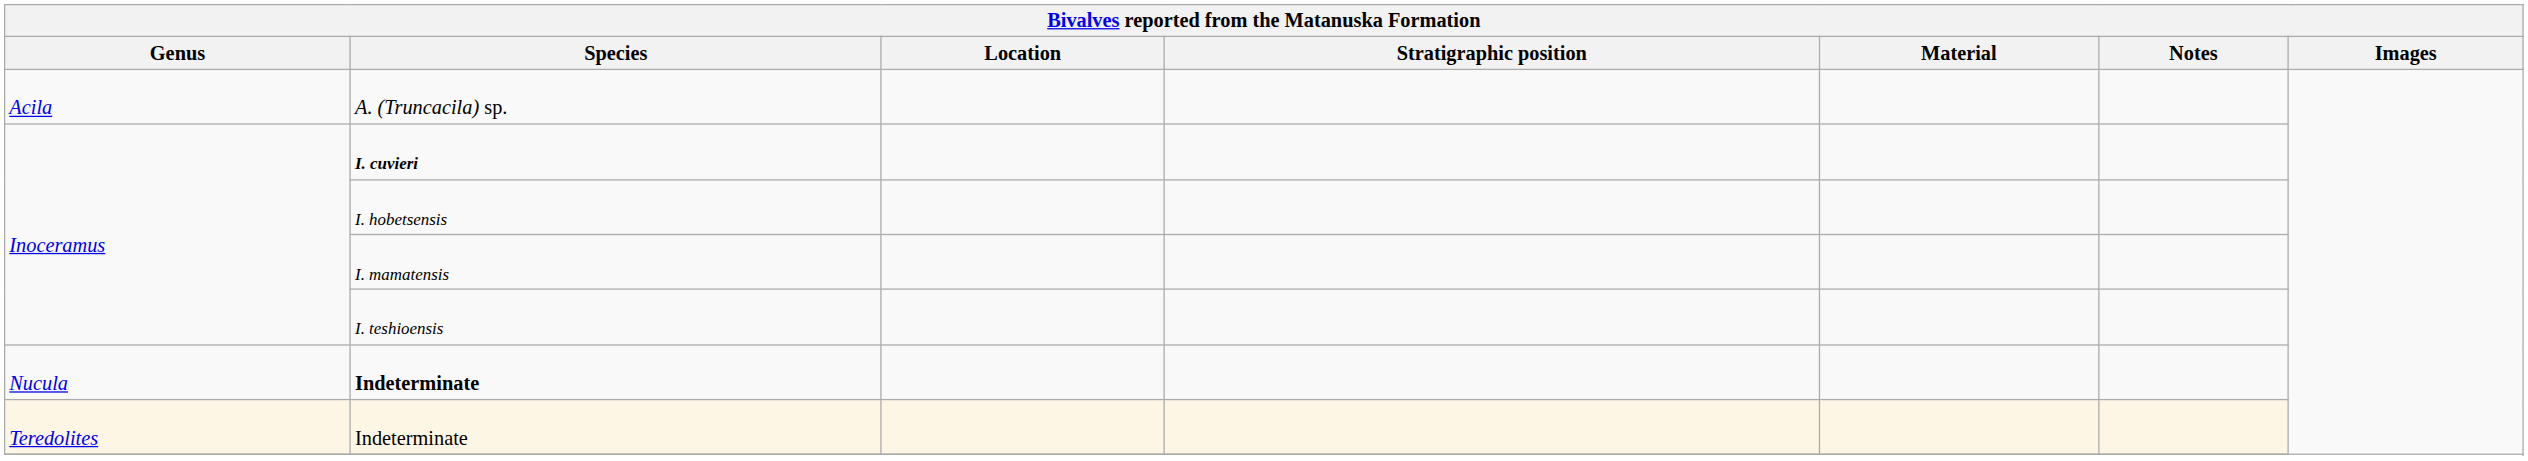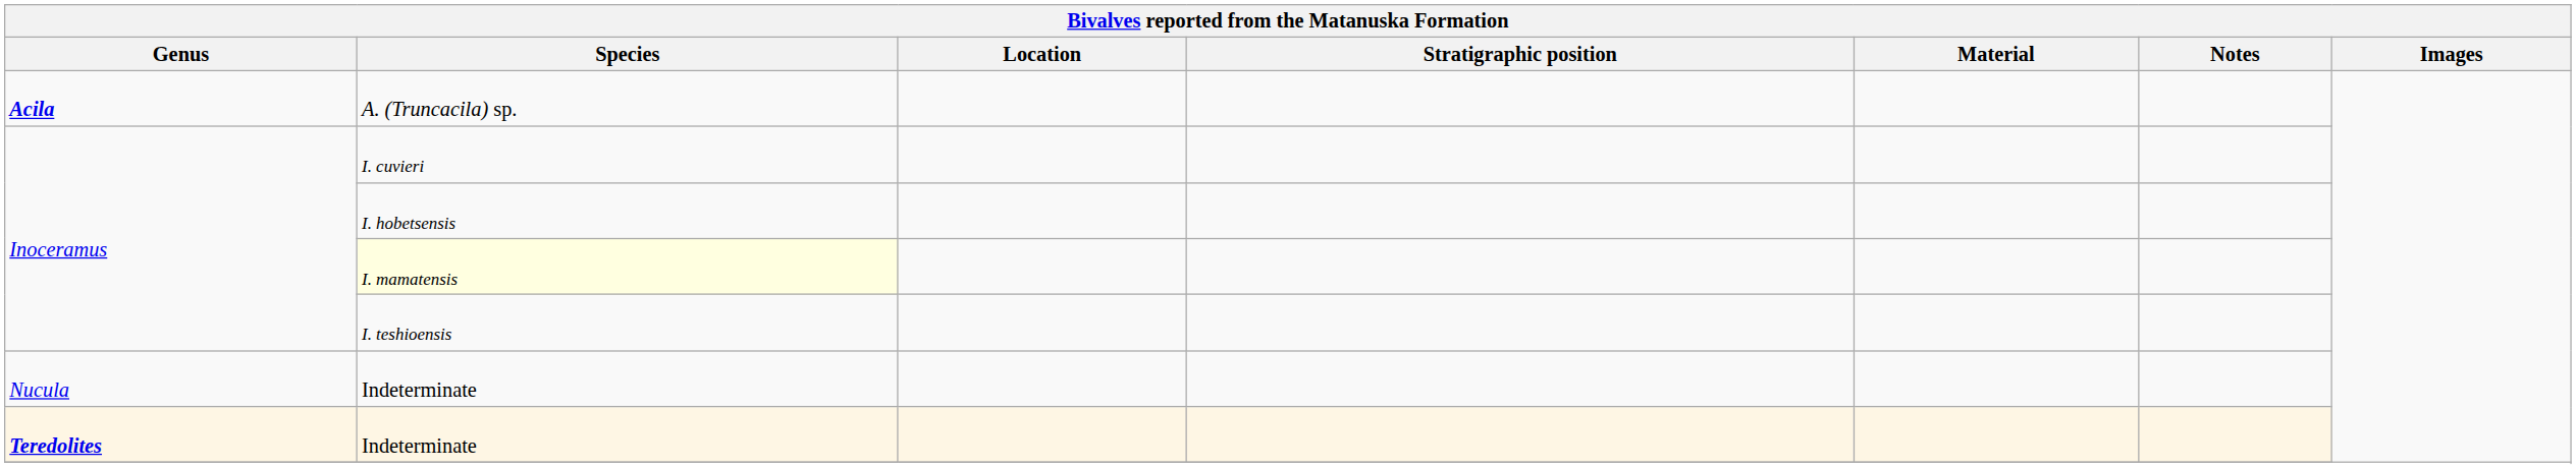 <table class="wikitable" align="center" width="100%">
 <tr>
 <th colspan="7" align="center"><strong><a href='#'>Bivalves</a> reported from the Matanuska Formation</strong></th>
 </tr>
 <tr>
 <th>Genus</th>
 <th>Species</th>
 <th>Location</th>
 <th>Stratigraphic position</th>
 <th>Material</th>
 <th>Notes</th>
 <th>Images</th>
 </tr>
 <tr>
-<td><br><em><a href='#'>Acila</a></em></td>
+<td><strong><br><em><a href='#'>Acila</a></em></strong></td>
 <td><br><em>A. (Truncacila)</em> sp.</td>
 <td></td>
 <td></td>
 <td></td>
 <td></td>
 <td rowspan="99"><br></td>
 </tr>
 <tr>
 <td rowspan="4"><br><em><a href='#'>Inoceramus</a></em></td>
-<td><strong><br><small><em>I. cuvieri</em></small></strong></td>
+<td><br><small><em>I. cuvieri</em></small></td>
 <td></td>
 <td></td>
 <td></td>
 <td></td>
 </tr>
 <tr>
 <td><br><small><em>I. hobetsensis</em></small></td>
 <td></td>
 <td></td>
 <td></td>
 <td></td>
 </tr>
 <tr>
-<td><br><small><em>I. mamatensis</em></small></td>
+<td style="background: lightyellow;"><br><small><em>I. mamatensis</em></small></td>
 <td></td>
 <td></td>
 <td></td>
 <td></td>
 </tr>
 <tr>
 <td><br><small><em>I. teshioensis</em></small></td>
 <td></td>
 <td></td>
 <td></td>
 <td></td>
 </tr>
 <tr>
 <td><br><em><a href='#'>Nucula</a></em></td>
-<td><strong><br>Indeterminate</strong></td>
+<td><br>Indeterminate</td>
 <td></td>
 <td></td>
 <td></td>
 <td></td>
 </tr>
 <tr>
-<td style="background:#FEF6E4;"><br><em><a href='#'>Teredolites</a></em></td>
+<td style="background:#FEF6E4;"><strong><br><em><a href='#'>Teredolites</a></em></strong></td>
 <td style="background:#FEF6E4;"><br>Indeterminate</td>
 <td style="background:#FEF6E4;"></td>
 <td style="background:#FEF6E4;"></td>
 <td style="background:#FEF6E4;"></td>
 <td style="background:#FEF6E4;"></td>
 </tr>
 <tr>
 </tr>
 </table>
